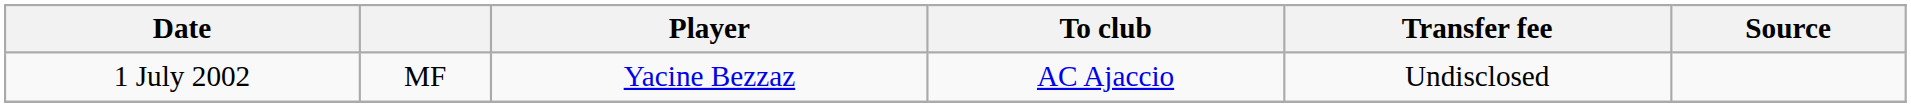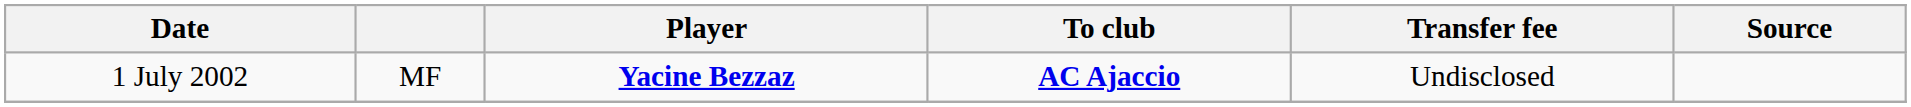 <table class="wikitable sortable" style="width:70%; text-align:center; font-size:85%; text-align:centre;">
 <tr>
 <th><strong>Date</strong></th>
 <th><strong></strong></th>
 <th><strong>Player</strong></th>
 <th><strong>To club</strong></th>
 <th><strong>Transfer fee</strong></th>
 <th><strong>Source</strong></th>
 </tr>
 <tr>
 <td>1 July 2002</td>
 <td>MF</td>
-<td> <a href='#'>Yacine Bezzaz</a></td>
-<td> <a href='#'>AC Ajaccio</a></td>
+<td><strong> <a href='#'>Yacine Bezzaz</a></strong></td>
+<td><strong> <a href='#'>AC Ajaccio</a></strong></td>
 <td>Undisclosed</td>
 <td></td>
 </tr>
 <tr>
 </tr>
 </table>
